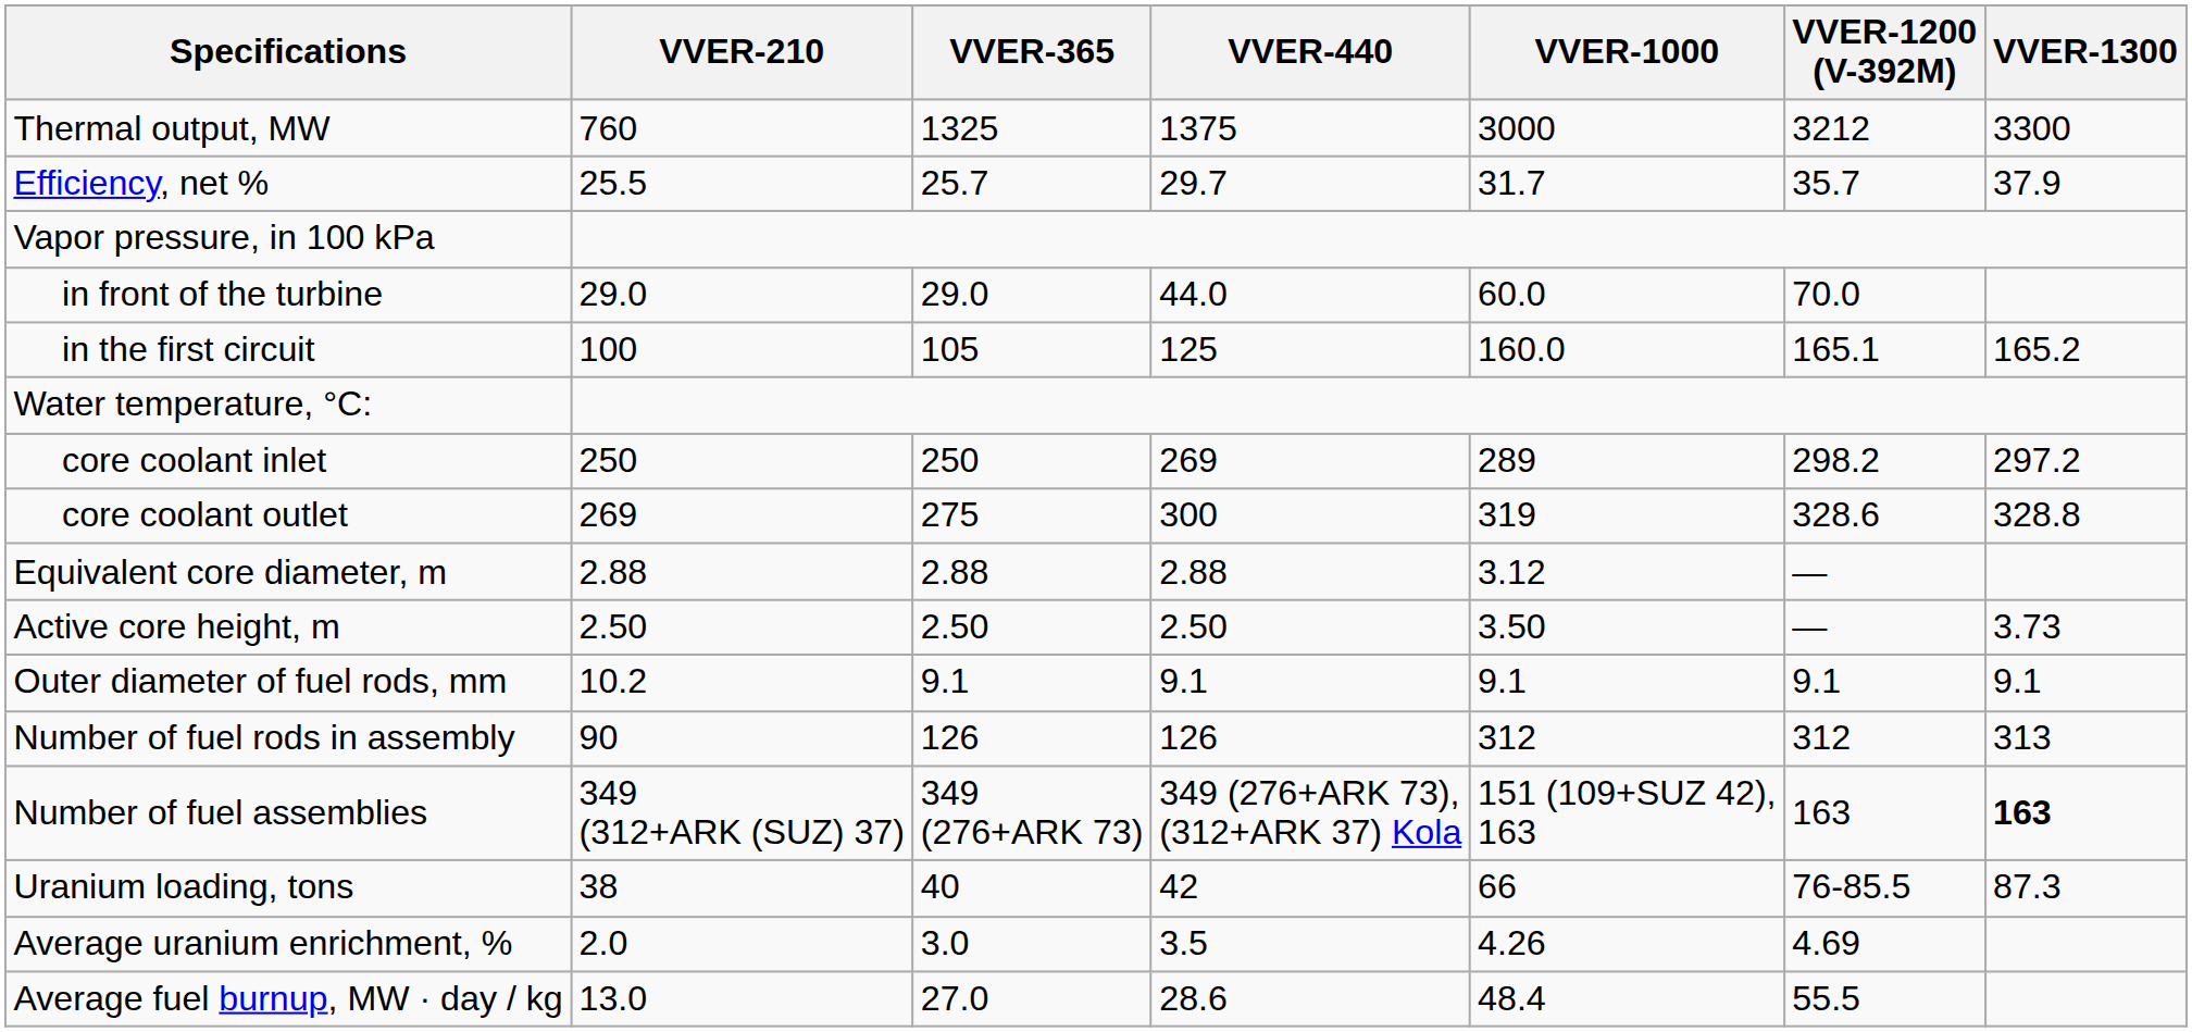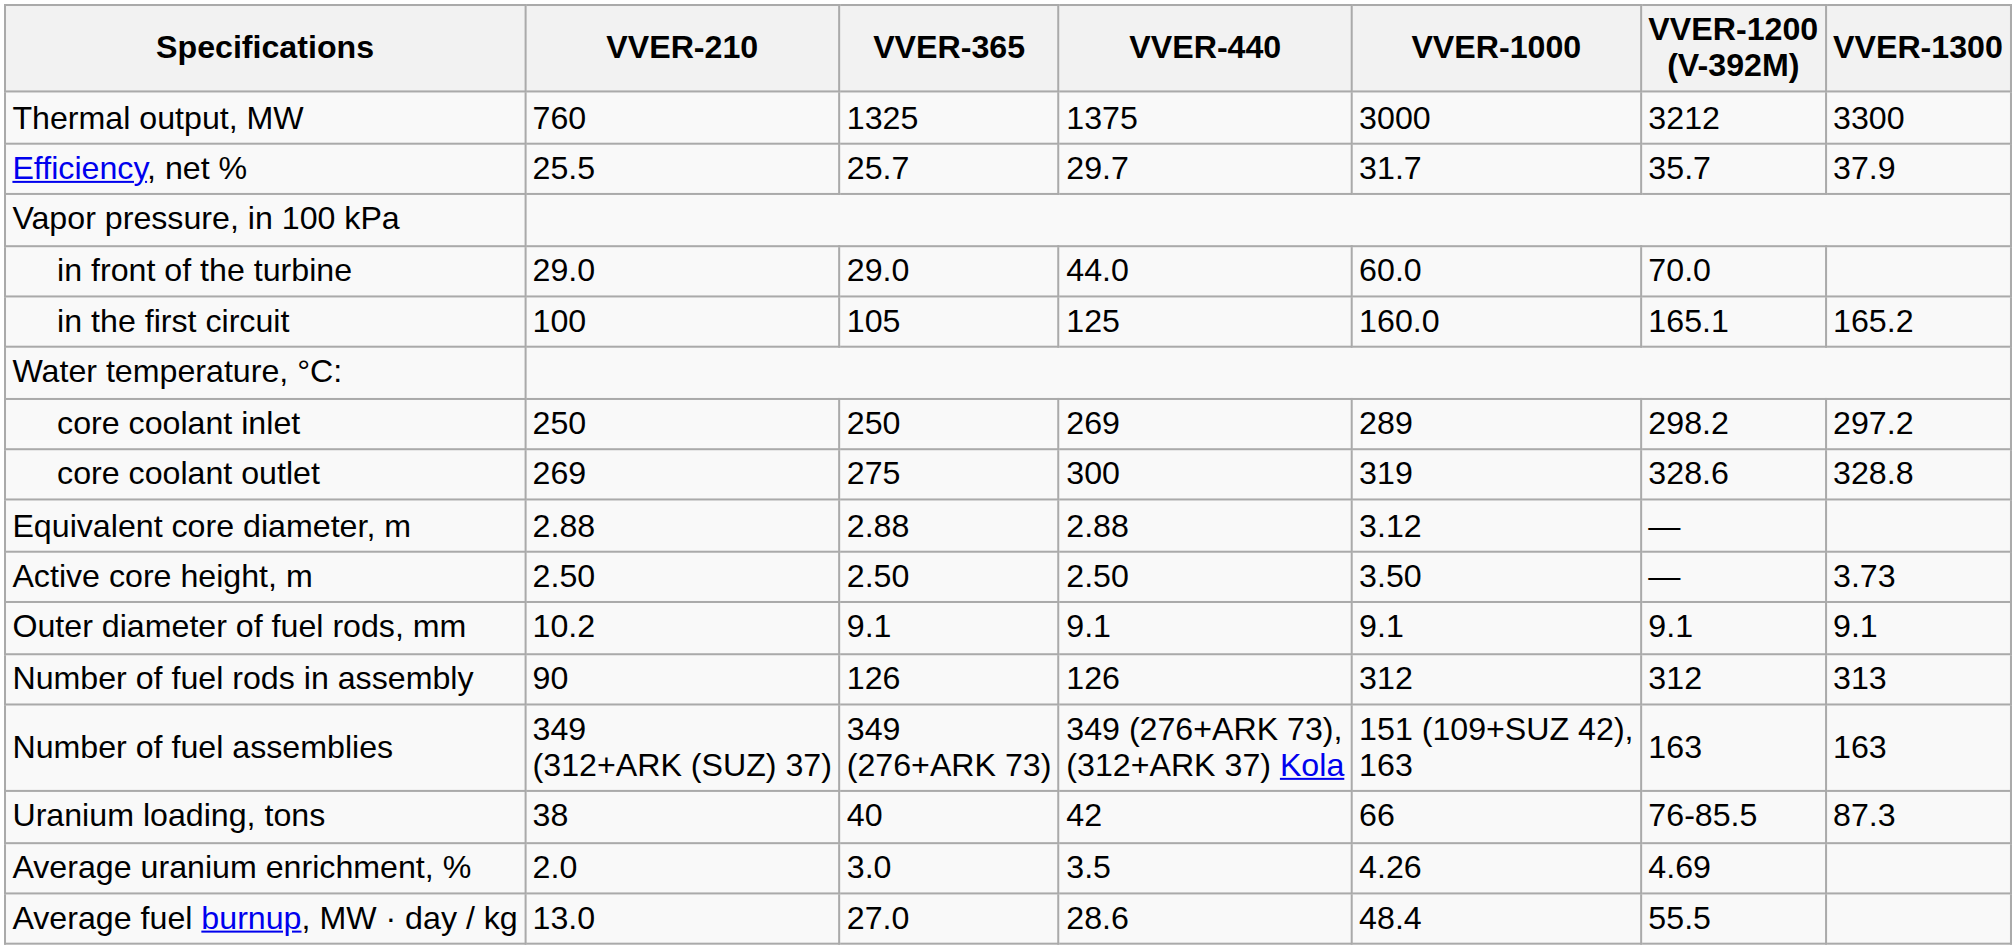 <table class="wikitable">
 <tr>
 <th>Specifications</th>
 <th>VVER-210</th>
 <th>VVER-365</th>
 <th>VVER-440</th>
 <th>VVER-1000</th>
 <th>VVER-1200<br>(V-392M)</th>
 <th>VVER-1300</th>
 </tr>
 <tr>
 <td>Thermal output, MW</td>
 <td>760</td>
 <td>1325</td>
 <td>1375</td>
 <td>3000</td>
 <td>3212</td>
 <td>3300</td>
 </tr>
 <tr>
 <td><a href='#'>Efficiency</a>, net %</td>
 <td>25.5</td>
 <td>25.7</td>
 <td>29.7</td>
 <td>31.7</td>
 <td>35.7</td>
 <td>37.9</td>
 </tr>
 <tr>
 <td>Vapor pressure, in 100 kPa</td>
 <td colspan="6"></td>
 </tr>
 <tr>
 <td>     in front of the turbine</td>
 <td>29.0</td>
 <td>29.0</td>
 <td>44.0</td>
 <td>60.0</td>
 <td>70.0</td>
 <td></td>
 </tr>
 <tr>
 <td>     in the first circuit</td>
 <td>100</td>
 <td>105</td>
 <td>125</td>
 <td>160.0</td>
 <td>165.1</td>
 <td>165.2</td>
 </tr>
 <tr>
 <td>Water temperature, °C:</td>
 <td colspan="6"> </td>
 </tr>
 <tr>
 <td>     core coolant inlet</td>
 <td>250</td>
 <td>250</td>
 <td>269</td>
 <td>289</td>
 <td>298.2</td>
 <td>297.2</td>
 </tr>
 <tr>
 <td>     core coolant outlet</td>
 <td>269</td>
 <td>275</td>
 <td>300</td>
 <td>319</td>
 <td>328.6</td>
 <td>328.8</td>
 </tr>
 <tr>
 <td>Equivalent core diameter, m</td>
 <td>2.88</td>
 <td>2.88</td>
 <td>2.88</td>
 <td>3.12</td>
 <td>—</td>
 <td></td>
 </tr>
 <tr>
 <td>Active core height, m</td>
 <td>2.50</td>
 <td>2.50</td>
 <td>2.50</td>
 <td>3.50</td>
 <td>—</td>
 <td>3.73</td>
 </tr>
 <tr>
 <td>Outer diameter of fuel rods, mm</td>
 <td>10.2</td>
 <td>9.1</td>
 <td>9.1</td>
 <td>9.1</td>
 <td>9.1</td>
 <td>9.1</td>
 </tr>
 <tr>
 <td>Number of fuel rods in assembly</td>
 <td>90</td>
 <td>126</td>
 <td>126</td>
 <td>312</td>
 <td>312</td>
 <td>313</td>
 </tr>
 <tr>
 <td>Number of fuel assemblies</td>
 <td>349<br>(312+ARK (SUZ) 37)</td>
 <td>349<br>(276+ARK 73)</td>
 <td>349 (276+ARK 73), <br>(312+ARK 37) <a href='#'>Kola</a></td>
 <td>151 (109+SUZ 42),<br>163</td>
 <td>163</td>
-<td><strong>163</strong></td>
+<td>163</td>
 </tr>
 <tr>
 <td>Uranium loading, tons</td>
 <td>38</td>
 <td>40</td>
 <td>42</td>
 <td>66</td>
 <td>76-85.5</td>
 <td>87.3</td>
 </tr>
 <tr>
 <td>Average uranium enrichment, %</td>
 <td>2.0</td>
 <td>3.0</td>
 <td>3.5</td>
 <td>4.26</td>
 <td>4.69</td>
 <td></td>
 </tr>
 <tr>
 <td>Average fuel <a href='#'>burnup</a>, MW · day / kg</td>
 <td>13.0</td>
 <td>27.0</td>
 <td>28.6</td>
 <td>48.4</td>
 <td>55.5</td>
 <td></td>
 </tr>
 </table>
